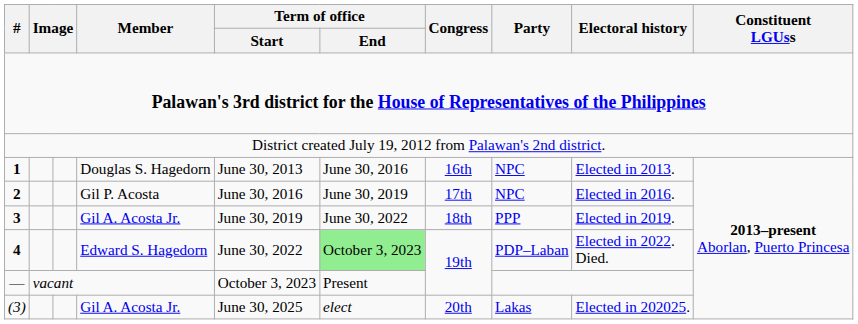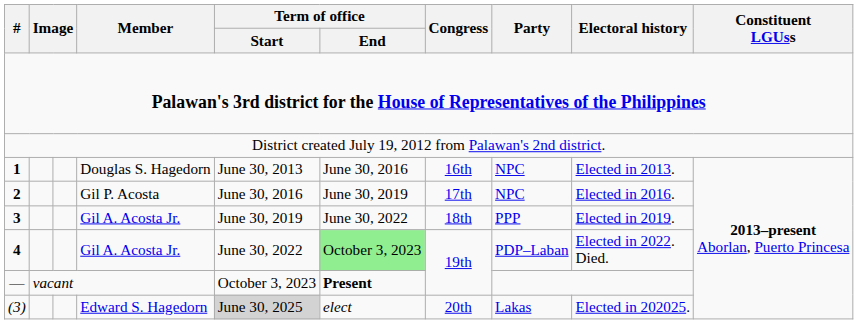 <table class=wikitable>
 <tr>
 <th rowspan="2">#</th>
 <th rowspan="2" colspan=2>Image</th>
 <th rowspan="2">Member</th>
 <th colspan=2>Term of office</th>
 <th rowspan="2">Congress</th>
 <th rowspan="2">Party</th>
 <th rowspan="2">Electoral history</th>
 <th rowspan="2">Constituent<br><a href='#'>LGUs</a>s</th>
 </tr>
 <tr>
 <th>Start</th>
 <th>End</th>
 </tr>
 <tr>
 <td colspan="10" style="text-align:center;"><br><h3>Palawan's 3rd district for the <a href='#'>House of Representatives of the Philippines</a></h3></td>
 </tr>
 <tr>
 <td colspan="10" style="text-align:center;">District created July 19, 2012 from <a href='#'>Palawan's 2nd district</a>.</td>
 </tr>
 <tr>
 <td style="text-align:center;"><strong>1</strong></td>
 <td style="color:inherit;background:"></td>
 <td></td>
 <td>Douglas S. Hagedorn</td>
 <td>June 30, 2013</td>
 <td>June 30, 2016</td>
 <td style="text-align:center;"><a href='#'>16th</a></td>
 <td><a href='#'>NPC</a></td>
 <td><a href='#'>Elected in 2013</a>.</td>
 <td rowspan="6" style="text-align:center;"><strong>2013–present</strong><br><a href='#'>Aborlan</a>, <a href='#'>Puerto Princesa</a></td>
 </tr>
 <tr>
 <td style="text-align:center;"><strong>2</strong></td>
 <td style="color:inherit;background:"></td>
 <td></td>
 <td>Gil P. Acosta</td>
 <td>June 30, 2016</td>
 <td>June 30, 2019</td>
 <td style="text-align:center;"><a href='#'>17th</a></td>
 <td><a href='#'>NPC</a></td>
 <td><a href='#'>Elected in 2016</a>.</td>
 </tr>
 <tr>
 <td style="text-align:center;"><strong>3</strong></td>
 <td style="color:inherit;background:"></td>
 <td></td>
 <td><a href='#'>Gil A. Acosta Jr.</a></td>
 <td>June 30, 2019</td>
 <td>June 30, 2022</td>
 <td style="text-align:center;"><a href='#'>18th</a></td>
 <td><a href='#'>PPP</a></td>
 <td><a href='#'>Elected in 2019</a>.</td>
 </tr>
 <tr>
 <td style="text-align:center;"><strong>4</strong></td>
 <td style="color:inherit;background:"></td>
 <td></td>
-<td><a href='#'>Edward S. Hagedorn</a></td>
+<td><a href='#'>Gil A. Acosta Jr.</a></td>
 <td>June 30, 2022</td>
 <td style="background: lightgreen;">October 3, 2023</td>
 <td style="text-align:center;" rowspan="2"><a href='#'>19th</a></td>
 <td><a href='#'>PDP–Laban</a></td>
 <td><a href='#'>Elected in 2022</a>.<br>Died.</td>
 </tr>
 <tr>
 <td style="text-align:center;">—</td>
 <td colspan="3"><em>vacant</em></td>
 <td>October 3, 2023</td>
-<td>Present</td>
+<td><strong>Present</strong></td>
 <td colspan="2"></td>
 </tr>
 <tr>
 <td style="text-align:center;"><em>(3)</em></td>
 <td style="color:inherit;background:"></td>
 <td></td>
-<td><a href='#'>Gil A. Acosta Jr.</a></td>
-<td>June 30, 2025</td>
+<td><a href='#'>Edward S. Hagedorn</a></td>
+<td style="background: lightgrey;">June 30, 2025</td>
 <td><em>elect</em></td>
 <td style="text-align:center;"><a href='#'>20th</a></td>
 <td><a href='#'>Lakas</a></td>
 <td><a href='#'>Elected in 202025</a>.</td>
 </tr>
 </table>
